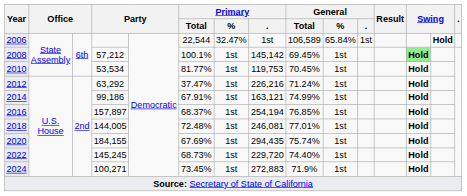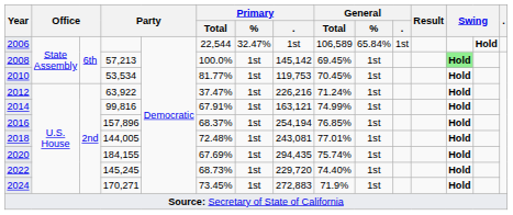 <table class="wikitable" style="font-size: 90%; text-align:center;">
 <tr>
 <th rowspan=2>Year</th>
 <th colspan=2 rowspan=2>Office</th>
 <th colspan=2 rowspan=2>Party</th>
 <th colspan=3><a href='#'>Primary</a></th>
 <th colspan=3>General</th>
 <th rowspan=2>Result</th>
 <th colspan=2 rowspan=2><a href='#'>Swing</a></th>
 <th rowspan=2>.</th>
 </tr>
 <tr>
 <th>Total</th>
 <th>%</th>
 <th>.</th>
 <th>Total</th>
 <th>%</th>
 <th>.</th>
 </tr>
 <tr>
 <td style="background-color:#EAECF0;"><a href='#'>2006</a></td>
 <td rowspan=3><a href='#'>State Assembly</a></td>
 <td rowspan=3><a href='#'>6th</a></td>
 <td style="background-color:"></td>
 <td rowspan=10><a href='#'>Democratic</a></td>
 <td>22,544</td>
 <td>32.47%</td>
 <td>1st</td>
 <td>106,589</td>
 <td>65.84%</td>
 <td>1st</td>
 <td></td>
 <td style="background-color:"></td>
 <td><strong>Hold</strong></td>
 <td></td>
 </tr>
 <tr>
 <td style="background-color:#EAECF0;"><a href='#'>2008</a></td>
-<td>57,212</td>
-<td>100.1%</td>
+<td>57,213</td>
+<td>100.0%</td>
 <td>1st</td>
 <td>145,142</td>
 <td>69.45%</td>
 <td>1st</td>
 <td></td>
 <td style="background-color:"></td>
 <td style="background: lightgreen;"><strong>Hold</strong></td>
 <td></td>
 </tr>
 <tr>
 <td style="background-color:#EAECF0;"><a href='#'>2010</a></td>
 <td>53,534</td>
 <td>81.77%</td>
 <td>1st</td>
 <td>119,753</td>
 <td>70.45%</td>
 <td>1st</td>
 <td></td>
 <td style="background-color:"></td>
 <td><strong>Hold</strong></td>
 <td></td>
 </tr>
 <tr>
 <td style="background-color:#EAECF0;"><a href='#'>2012</a></td>
 <td rowspan=7><a href='#'>U.S. House</a></td>
 <td rowspan=7><a href='#'>2nd</a></td>
-<td>63,292</td>
+<td>63,922</td>
 <td>37.47%</td>
 <td>1st</td>
 <td>226,216</td>
 <td>71.24%</td>
 <td>1st</td>
 <td></td>
 <td style="background-color:"></td>
 <td><strong>Hold</strong></td>
 <td></td>
 </tr>
 <tr>
 <td style="background-color:#EAECF0;"><a href='#'>2014</a></td>
-<td>99,186</td>
+<td>99,816</td>
 <td>67.91%</td>
 <td>1st</td>
 <td>163,121</td>
 <td>74.99%</td>
 <td>1st</td>
 <td></td>
 <td style="background-color:"></td>
 <td><strong>Hold</strong></td>
 <td></td>
 </tr>
 <tr>
 <td style="background-color:#EAECF0;"><a href='#'>2016</a></td>
-<td>157,897</td>
+<td>157,896</td>
 <td>68.37%</td>
 <td>1st</td>
 <td>254,194</td>
 <td>76.85%</td>
 <td>1st</td>
 <td></td>
 <td style="background-color:"></td>
 <td><strong>Hold</strong></td>
 <td></td>
 </tr>
 <tr>
 <td style="background-color:#EAECF0;"><a href='#'>2018</a></td>
 <td>144,005</td>
 <td>72.48%</td>
 <td>1st</td>
-<td>246,081</td>
+<td>243,081</td>
 <td>77.01%</td>
 <td>1st</td>
 <td></td>
 <td style="background-color:"></td>
 <td><strong>Hold</strong></td>
 <td></td>
 </tr>
 <tr>
 <td style="background-color:#EAECF0;"><a href='#'>2020</a></td>
 <td>184,155</td>
 <td>67.69%</td>
 <td>1st</td>
 <td>294,435</td>
 <td>75.74%</td>
 <td>1st</td>
 <td></td>
 <td style="background-color:"></td>
 <td><strong>Hold</strong></td>
 <td></td>
 </tr>
 <tr>
 <td style="background-color:#EAECF0;"><a href='#'>2022</a></td>
 <td>145,245</td>
 <td>68.73%</td>
 <td>1st</td>
 <td>229,720</td>
 <td>74.40%</td>
 <td>1st</td>
 <td></td>
 <td style="background-color:"></td>
 <td><strong>Hold</strong></td>
 <td></td>
 </tr>
 <tr>
 <td style="background-color:#EAECF0;"><a href='#'>2024</a></td>
-<td>100,271</td>
+<td>170,271</td>
 <td>73.45%</td>
 <td>1st</td>
 <td>272,883</td>
 <td>71.9%</td>
 <td>1st</td>
 <td></td>
 <td style="background-color:"></td>
 <td><strong>Hold</strong></td>
 <td></td>
 </tr>
 <tr>
 <td style="background-color:#EAECF0;" colspan=15><strong>Source:</strong> <a href='#'>Secretary of State of California</a>  </td>
 </tr>
 </table>
